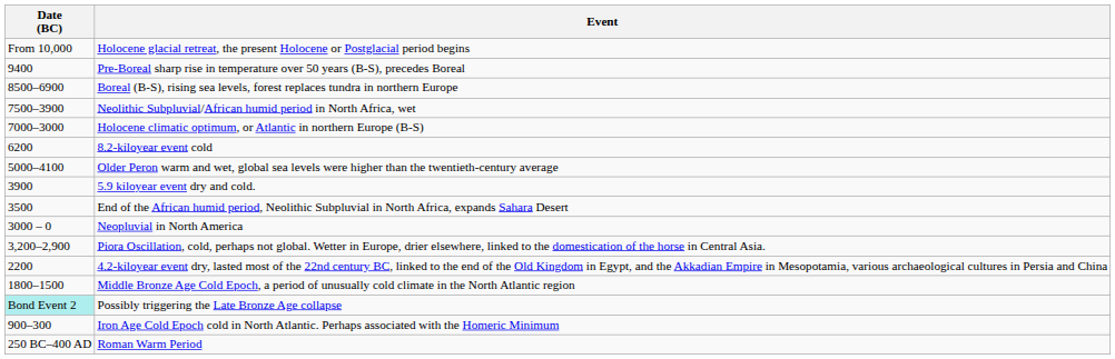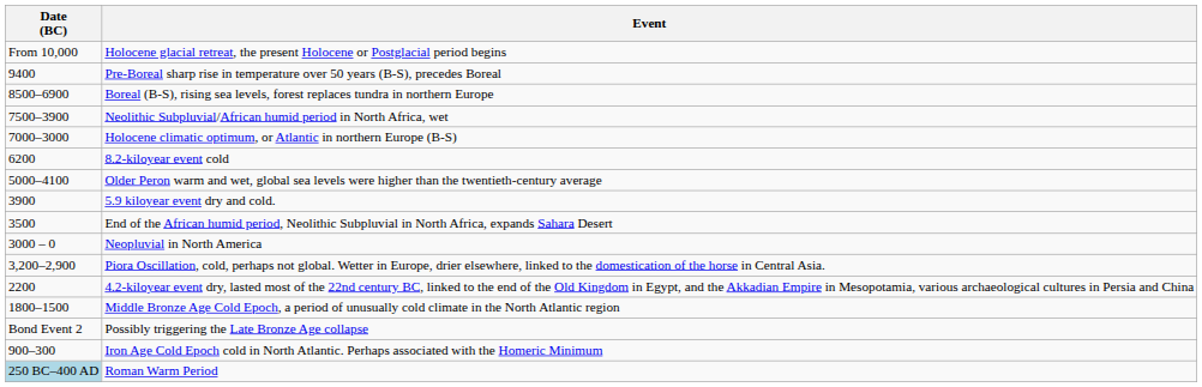 <table class=wikitable>
 <tr>
 <th>Date<br>(BC)</th>
 <th>Event</th>
 </tr>
 <tr>
 <td>From 10,000</td>
 <td><a href='#'>Holocene glacial retreat</a>, the present <a href='#'>Holocene</a> or <a href='#'>Postglacial</a> period begins</td>
 </tr>
 <tr>
 <td>9400</td>
 <td><a href='#'>Pre-Boreal</a> sharp rise in temperature over 50 years (B-S), precedes Boreal</td>
 </tr>
 <tr>
 <td>8500–6900</td>
 <td><a href='#'>Boreal</a> (B-S), rising sea levels, forest replaces tundra in northern Europe</td>
 </tr>
 <tr>
 <td>7500–3900</td>
 <td><a href='#'>Neolithic Subpluvial</a>/<a href='#'>African humid period</a> in North Africa, wet</td>
 </tr>
 <tr>
 <td>7000–3000</td>
 <td><a href='#'>Holocene climatic optimum</a>, or <a href='#'>Atlantic</a> in northern Europe (B-S)</td>
 </tr>
 <tr>
 <td>6200</td>
 <td><a href='#'>8.2-kiloyear event</a> cold</td>
 </tr>
 <tr>
 <td>5000–4100</td>
 <td><a href='#'>Older Peron</a> warm and wet, global sea levels were  higher than the twentieth-century average</td>
 </tr>
 <tr>
 <td>3900</td>
 <td><a href='#'>5.9 kiloyear event</a> dry and cold.</td>
 </tr>
 <tr>
 <td>3500</td>
 <td>End of the <a href='#'>African humid period</a>, Neolithic Subpluvial in North Africa, expands <a href='#'>Sahara</a> Desert</td>
 </tr>
 <tr>
 <td>3000 – 0</td>
 <td><a href='#'>Neopluvial</a> in North America</td>
 </tr>
 <tr>
 <td>3,200–2,900</td>
 <td><a href='#'>Piora Oscillation</a>, cold, perhaps not global. Wetter in Europe, drier elsewhere, linked to the <a href='#'>domestication of the horse</a> in Central Asia.</td>
 </tr>
 <tr>
 <td>2200</td>
 <td><a href='#'>4.2-kiloyear event</a> dry, lasted most of the <a href='#'>22nd century BC</a>, linked to the end of the <a href='#'>Old Kingdom</a> in Egypt, and the <a href='#'>Akkadian Empire</a> in Mesopotamia, various archaeological cultures in Persia and China</td>
 </tr>
 <tr>
 <td>1800–1500</td>
 <td><a href='#'>Middle Bronze Age Cold Epoch</a>, a period of unusually cold climate in the North Atlantic region</td>
 </tr>
 <tr>
-<td style="background: paleturquoise;">Bond Event 2</td>
+<td>Bond Event 2</td>
 <td>Possibly triggering the <a href='#'>Late Bronze Age collapse</a></td>
 </tr>
 <tr>
 <td>900–300</td>
 <td><a href='#'>Iron Age Cold Epoch</a> cold in North Atlantic. Perhaps associated with the <a href='#'>Homeric Minimum</a></td>
 </tr>
 <tr>
-<td>250 BC–400 AD</td>
+<td style="background: lightblue;">250 BC–400 AD</td>
 <td><a href='#'>Roman Warm Period</a></td>
 </tr>
 </table>
